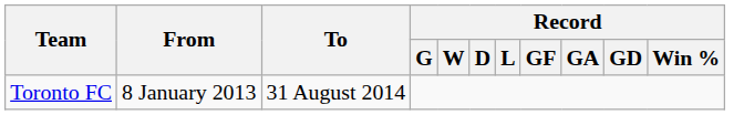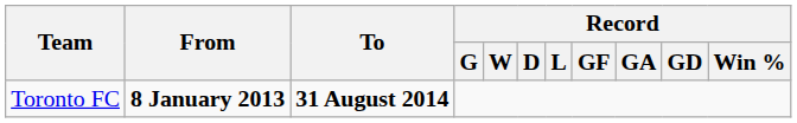 <table class="wikitable" style="text-align: center">
 <tr>
 <th rowspan="2">Team</th>
 <th rowspan="2">From</th>
 <th rowspan="2">To</th>
 <th colspan="8">Record</th>
 </tr>
 <tr>
 <th>G</th>
 <th>W</th>
 <th>D</th>
 <th>L</th>
 <th>GF</th>
 <th>GA</th>
 <th>GD</th>
 <th>Win %</th>
 </tr>
 <tr>
 <td><a href='#'>Toronto FC</a></td>
-<td>8 January 2013</td>
-<td>31 August 2014<br></td>
+<td><strong>8 January 2013</strong></td>
+<td><strong>31 August 2014<br></strong></td>
 </tr>
 </table>
